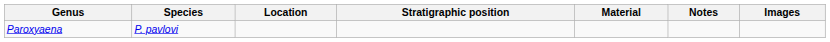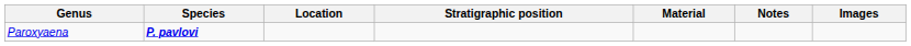 <table class="wikitable sortable"  style="margin:auto; width:100%;">
 <tr>
 <th>Genus</th>
 <th>Species</th>
 <th>Location</th>
 <th>Stratigraphic position</th>
 <th>Material</th>
 <th>Notes</th>
 <th>Images</th>
 </tr>
 <tr>
 <td><em><a href='#'>Paroxyaena</a></em></td>
-<td><em><a href='#'>P. pavlovi</a></em></td>
+<td><strong><em><a href='#'>P. pavlovi</a></em></strong></td>
 <td></td>
 <td></td>
 <td></td>
 <td></td>
 </tr>
 </table>
